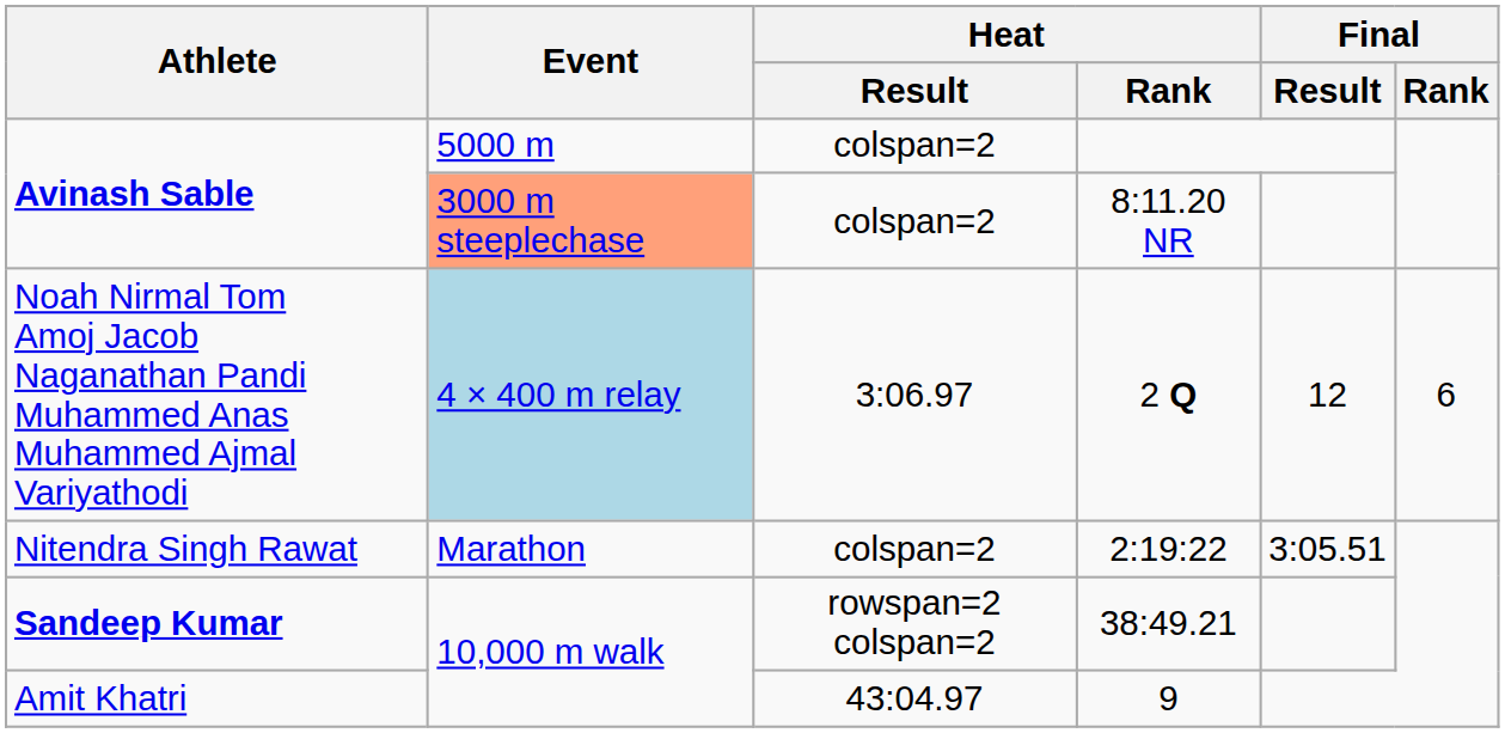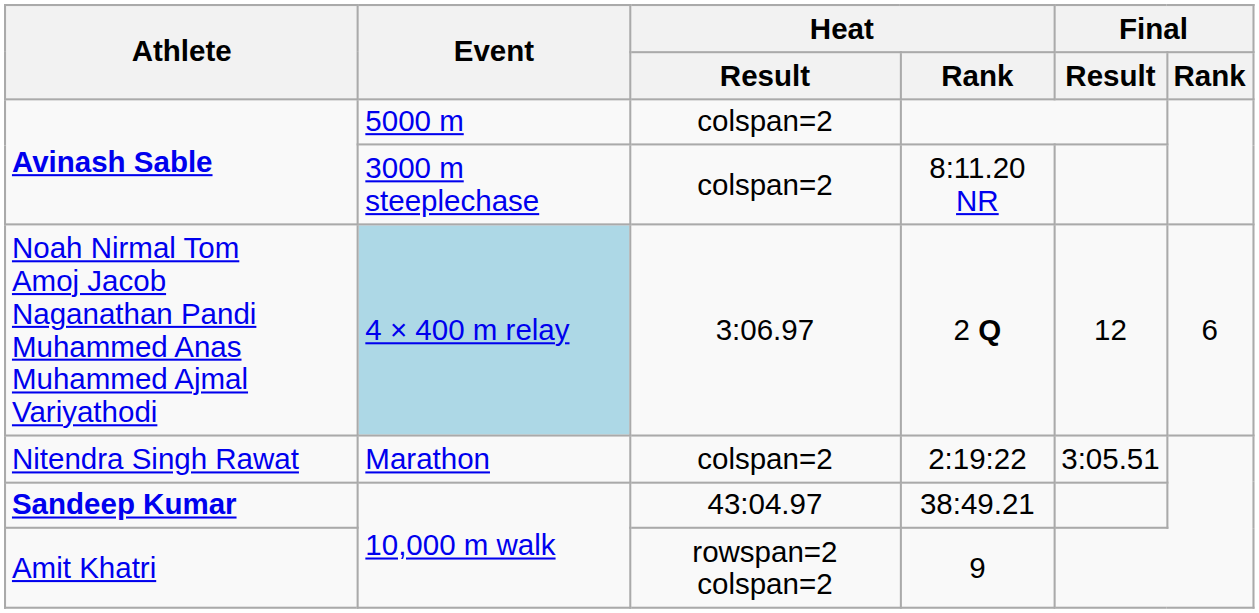 <table class="wikitable" style="font-size:90%; text-align:center">
 <tr>
 <th rowspan=2>Athlete</th>
 <th rowspan=2>Event</th>
 <th colspan=2>Heat</th>
 <th colspan=2>Final</th>
 </tr>
 <tr style="font-size:100%">
 <th>Result</th>
 <th>Rank</th>
 <th>Result</th>
 <th>Rank</th>
 </tr>
 <tr>
 <td align=left rowspan=2><strong><a href='#'>Avinash Sable</a></strong></td>
 <td align=left rowspan=1><a href='#'>5000 m</a></td>
 <td>colspan=2 </td>
 <td colspan=2></td>
 </tr>
 <tr>
-<td align=left style="background: lightsalmon;"><a href='#'>3000 m steeplechase</a></td>
+<td align=left><a href='#'>3000 m steeplechase</a></td>
 <td>colspan=2 </td>
 <td>8:11.20 <a href='#'>NR</a></td>
 <td></td>
 </tr>
 <tr>
 <td align=left><a href='#'>Noah Nirmal Tom</a><br><a href='#'>Amoj Jacob</a><br><a href='#'>Naganathan Pandi</a><br><a href='#'>Muhammed Anas</a><br><a href='#'>Muhammed Ajmal Variyathodi</a></td>
 <td align=left style="background: lightblue;"><a href='#'>4 × 400 m relay</a></td>
 <td>3:06.97</td>
 <td>2 <strong>Q</strong></td>
 <td>12</td>
 <td>6</td>
 </tr>
 <tr>
 <td align=left><a href='#'>Nitendra Singh Rawat</a></td>
 <td align=left><a href='#'>Marathon</a></td>
 <td>colspan=2 </td>
 <td>2:19:22</td>
 <td>3:05.51</td>
 </tr>
 <tr>
 <td align=left><strong><a href='#'>Sandeep Kumar</a></strong></td>
 <td rowspan="2" align="left"><a href='#'>10,000 m walk</a></td>
-<td>rowspan=2 colspan=2 </td>
+<td>43:04.97 </td>
 <td>38:49.21 </td>
 <td></td>
 </tr>
 <tr>
 <td align=left><a href='#'>Amit Khatri</a></td>
-<td>43:04.97 </td>
+<td>rowspan=2 colspan=2 </td>
 <td>9</td>
 </tr>
 </table>
